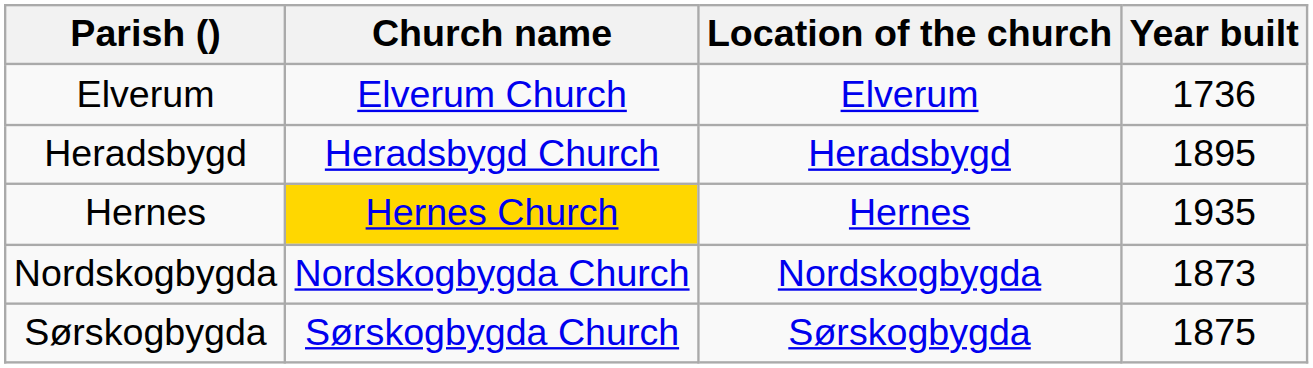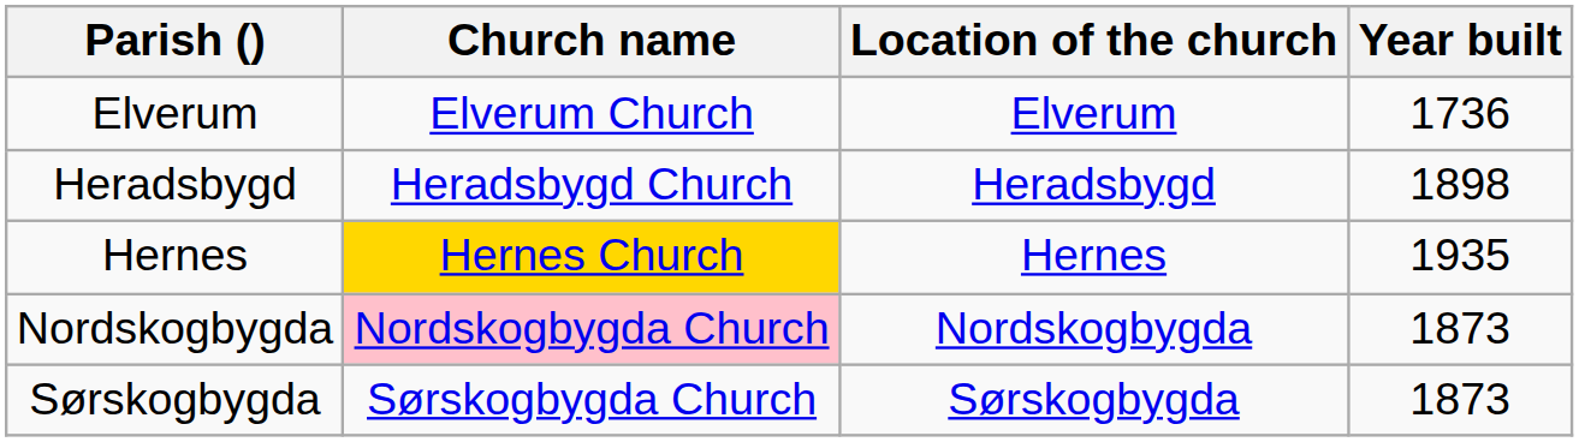 <table class="wikitable" style="text-align:center">
 <tr>
 <th>Parish ()</th>
 <th>Church name</th>
 <th>Location of the church</th>
 <th>Year built</th>
 </tr>
 <tr>
 <td rowspan="1">Elverum</td>
 <td><a href='#'>Elverum Church</a></td>
 <td><a href='#'>Elverum</a></td>
 <td>1736</td>
 </tr>
 <tr>
 <td rowspan="1">Heradsbygd</td>
 <td><a href='#'>Heradsbygd Church</a></td>
 <td><a href='#'>Heradsbygd</a></td>
-<td>1895</td>
+<td>1898</td>
 </tr>
 <tr>
 <td rowspan="1">Hernes</td>
 <td style="background: gold;"><a href='#'>Hernes Church</a></td>
 <td><a href='#'>Hernes</a></td>
 <td>1935</td>
 </tr>
 <tr>
 <td rowspan="1">Nordskogbygda</td>
-<td><a href='#'>Nordskogbygda Church</a></td>
+<td style="background: pink;"><a href='#'>Nordskogbygda Church</a></td>
 <td><a href='#'>Nordskogbygda</a></td>
 <td>1873</td>
 </tr>
 <tr>
 <td rowspan="1">Sørskogbygda</td>
 <td><a href='#'>Sørskogbygda Church</a></td>
 <td><a href='#'>Sørskogbygda</a></td>
-<td>1875</td>
+<td>1873</td>
 </tr>
 </table>
